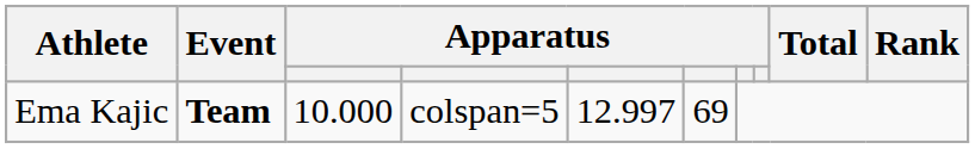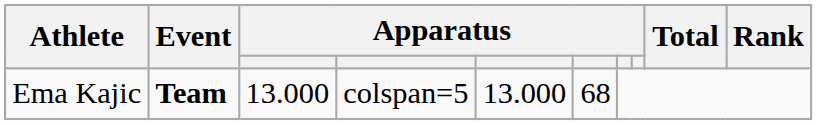 <table class="wikitable" style="font-size:90%">
 <tr>
 <th rowspan=2>Athlete</th>
 <th rowspan=2>Event</th>
 <th colspan=6>Apparatus</th>
 <th rowspan=2>Total</th>
 <th rowspan=2>Rank</th>
 </tr>
 <tr style="font-size:95%">
 <th></th>
 <th></th>
 <th></th>
 <th></th>
 <th></th>
 <th></th>
 </tr>
 <tr align=center>
 <td align=left>Ema Kajic</td>
 <td align=left><strong>Team</strong></td>
-<td>10.000</td>
+<td>13.000</td>
 <td>colspan=5 </td>
-<td>12.997</td>
-<td>69</td>
+<td>13.000</td>
+<td>68</td>
 </tr>
 </table>
